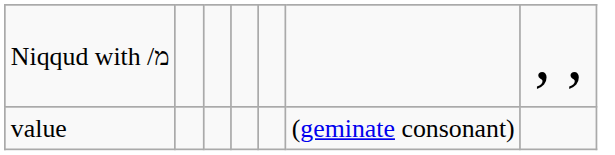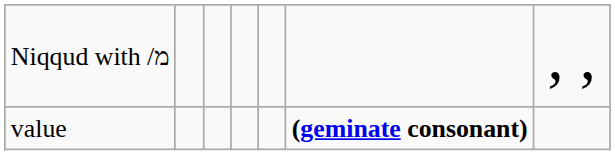 <table class="wikitable" style="font-size: 95%;" style="text-align:center;">
 <tr>
 <td>Niqqud with /מ</td>
 <td style="font-family: 'david'; font-size:250%" height=40 valign=top></td>
 <td style="font-family: 'david'; font-size:250%" height=40 valign=top></td>
 <td style="font-family: 'david'; font-size:250%" height=40 valign=top></td>
 <td style="font-family: 'david'; font-size:250%" height=40 valign=top></td>
 <td style="font-family: 'david'; font-size:250%" height=40 valign=top></td>
 <td style="font-family: 'david'; font-size:250%" height=40 valign=top>, , </td>
 </tr>
 <tr>
 <td>value</td>
 <td></td>
 <td></td>
 <td></td>
 <td></td>
-<td>(<a href='#'>geminate</a> consonant)</td>
+<td><strong>(<a href='#'>geminate</a> consonant)</strong></td>
 <td></td>
 </tr>
 </table>
